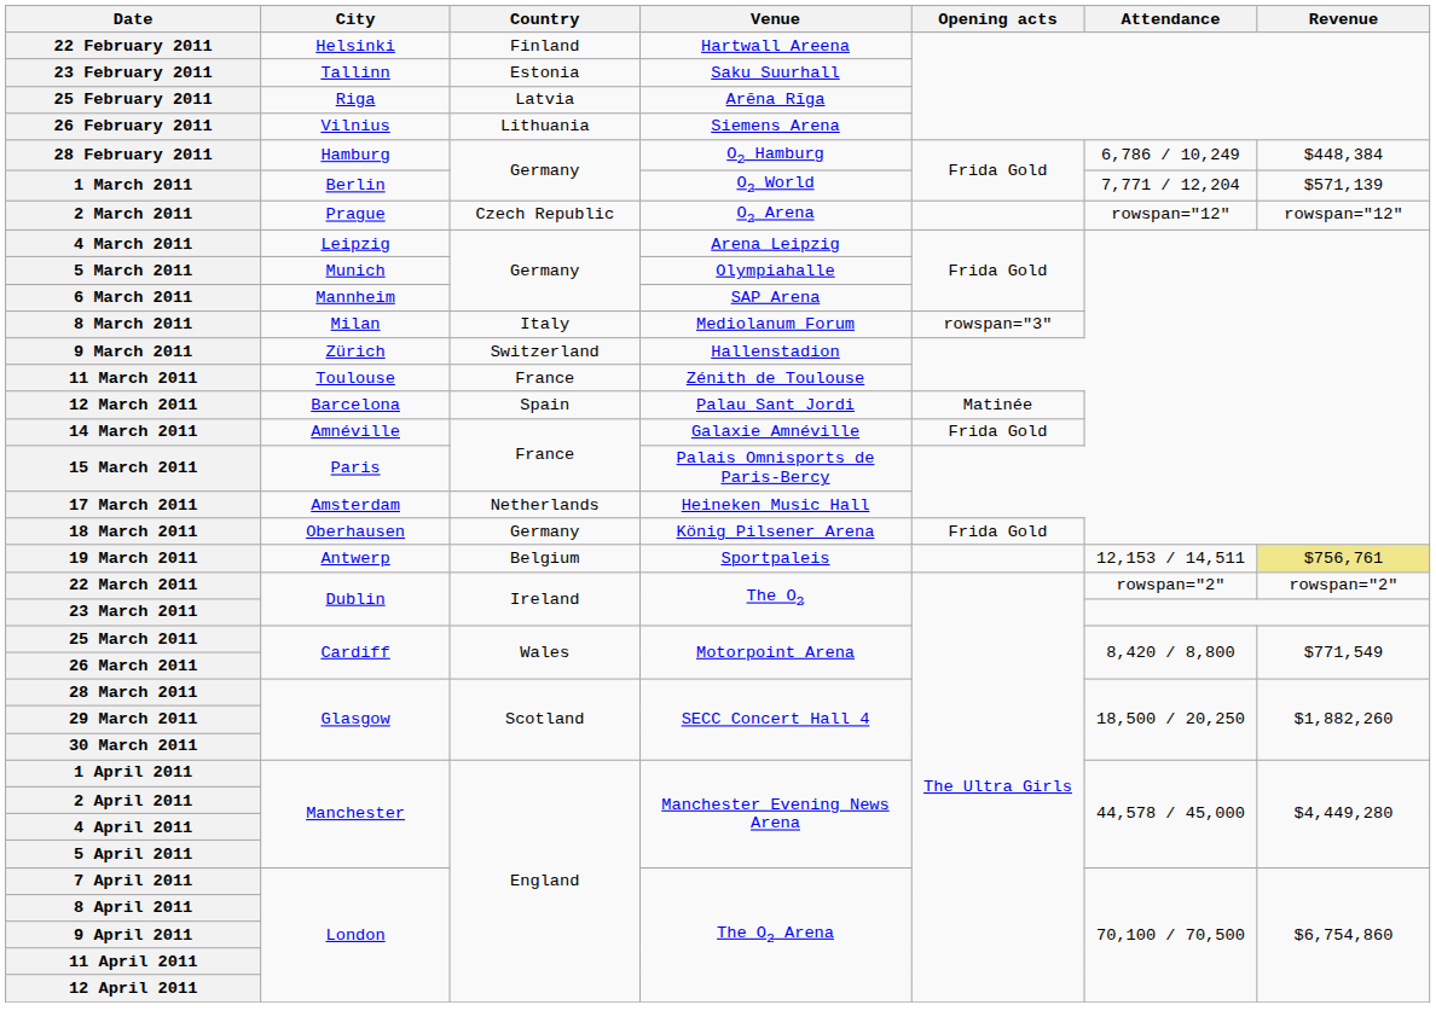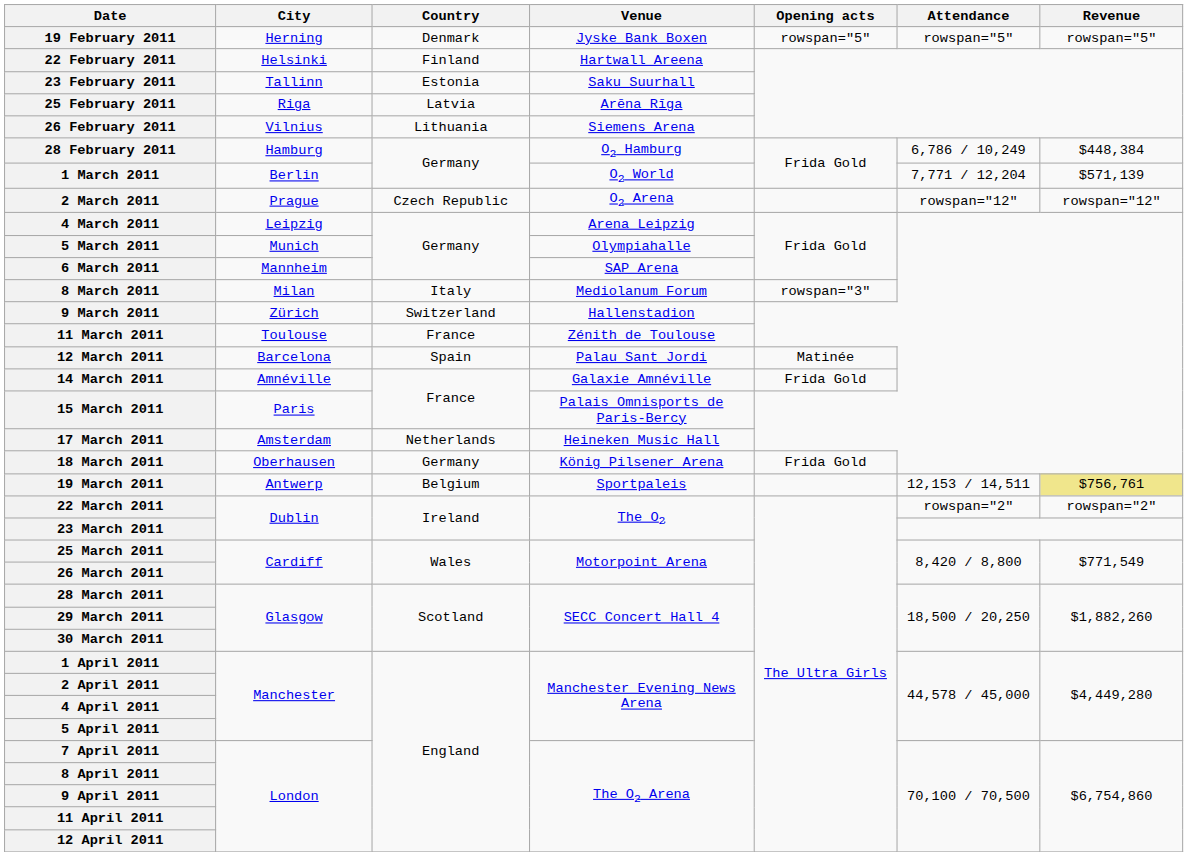 <table class="wikitable plainrowheaders" style="text-align:center;">
 <tr>
 <th scope="col" style="width:15em;">Date</th>
 <th scope="col" style="width:11em;">City</th>
 <th scope="col" style="width:11em;">Country</th>
 <th scope="col" style="width:16em;">Venue</th>
 <th scope="col" style="width:10em;">Opening acts</th>
 <th scope="col" style="width:10em;">Attendance</th>
 <th scope="col" style="width:10em;">Revenue</th>
+</tr>
+<tr>
+<th scope="row">19 February 2011</th>
+<td><a href='#'>Herning</a></td>
+<td>Denmark</td>
+<td><a href='#'>Jyske Bank Boxen</a></td>
+<td>rowspan="5" </td>
+<td>rowspan="5" </td>
+<td>rowspan="5" </td>
 </tr>
 <tr>
 <th scope="row">22 February 2011</th>
 <td><a href='#'>Helsinki</a></td>
 <td>Finland</td>
 <td><a href='#'>Hartwall Areena</a></td>
 </tr>
 <tr>
 <th scope="row">23 February 2011</th>
 <td><a href='#'>Tallinn</a></td>
 <td>Estonia</td>
 <td><a href='#'>Saku Suurhall</a></td>
 </tr>
 <tr>
 <th scope="row">25 February 2011</th>
 <td><a href='#'>Riga</a></td>
 <td>Latvia</td>
 <td><a href='#'>Arēna Rīga</a></td>
 </tr>
 <tr>
 <th scope="row">26 February 2011</th>
 <td><a href='#'>Vilnius</a></td>
 <td>Lithuania</td>
 <td><a href='#'>Siemens Arena</a></td>
 </tr>
 <tr>
 <th scope="row">28 February 2011</th>
 <td><a href='#'>Hamburg</a></td>
 <td rowspan="2">Germany</td>
 <td><a href='#'>O<sub>2</sub> Hamburg</a></td>
 <td rowspan="2">Frida Gold</td>
 <td>6,786 / 10,249</td>
 <td>$448,384</td>
 </tr>
 <tr>
 <th scope="row">1 March 2011</th>
 <td><a href='#'>Berlin</a></td>
 <td><a href='#'>O<sub>2</sub> World</a></td>
 <td>7,771 / 12,204</td>
 <td>$571,139</td>
 </tr>
 <tr>
 <th scope="row">2 March 2011</th>
 <td><a href='#'>Prague</a></td>
 <td>Czech Republic</td>
 <td><a href='#'>O<sub>2</sub> Arena</a></td>
 <td></td>
 <td>rowspan="12" </td>
 <td>rowspan="12" </td>
 </tr>
 <tr>
 <th scope="row">4 March 2011</th>
 <td><a href='#'>Leipzig</a></td>
 <td rowspan="3">Germany</td>
 <td><a href='#'>Arena Leipzig</a></td>
 <td rowspan="3">Frida Gold</td>
 </tr>
 <tr>
 <th scope="row">5 March 2011</th>
 <td><a href='#'>Munich</a></td>
 <td><a href='#'>Olympiahalle</a></td>
 </tr>
 <tr>
 <th scope="row">6 March 2011</th>
 <td><a href='#'>Mannheim</a></td>
 <td><a href='#'>SAP Arena</a></td>
 </tr>
 <tr>
 <th scope="row">8 March 2011</th>
 <td><a href='#'>Milan</a></td>
 <td>Italy</td>
 <td><a href='#'>Mediolanum Forum</a></td>
 <td>rowspan="3" </td>
 </tr>
 <tr>
 <th scope="row">9 March 2011</th>
 <td><a href='#'>Zürich</a></td>
 <td>Switzerland</td>
 <td><a href='#'>Hallenstadion</a></td>
 </tr>
 <tr>
 <th scope="row">11 March 2011</th>
 <td><a href='#'>Toulouse</a></td>
 <td>France</td>
 <td><a href='#'>Zénith de Toulouse</a></td>
 </tr>
 <tr>
 <th scope="row">12 March 2011</th>
 <td><a href='#'>Barcelona</a></td>
 <td>Spain</td>
 <td><a href='#'>Palau Sant Jordi</a></td>
 <td>Matinée</td>
 </tr>
 <tr>
 <th scope="row">14 March 2011</th>
 <td><a href='#'>Amnéville</a></td>
 <td rowspan="2">France</td>
 <td><a href='#'>Galaxie Amnéville</a></td>
 <td>Frida Gold</td>
 </tr>
 <tr>
 <th scope="row">15 March 2011</th>
 <td><a href='#'>Paris</a></td>
 <td><a href='#'>Palais Omnisports de Paris-Bercy</a></td>
 </tr>
 <tr>
 <th scope="row">17 March 2011</th>
 <td><a href='#'>Amsterdam</a></td>
 <td>Netherlands</td>
 <td><a href='#'>Heineken Music Hall</a></td>
 </tr>
 <tr>
 <th scope="row">18 March 2011</th>
 <td><a href='#'>Oberhausen</a></td>
 <td>Germany</td>
 <td><a href='#'>König Pilsener Arena</a></td>
 <td>Frida Gold</td>
 </tr>
 <tr>
 <th scope="row">19 March 2011</th>
 <td><a href='#'>Antwerp</a></td>
 <td>Belgium</td>
 <td><a href='#'>Sportpaleis</a></td>
 <td></td>
 <td>12,153 / 14,511</td>
 <td style="background: khaki;">$756,761</td>
 </tr>
 <tr>
 <th scope="row">22 March 2011</th>
 <td rowspan="2"><a href='#'>Dublin</a></td>
 <td rowspan="2">Ireland</td>
 <td rowspan="2"><a href='#'>The O<sub>2</sub></a></td>
 <td rowspan="16"><a href='#'>The Ultra Girls</a></td>
 <td>rowspan="2" </td>
 <td>rowspan="2" </td>
 </tr>
 <tr>
 <th scope="row">23 March 2011</th>
 </tr>
 <tr>
 <th scope="row">25 March 2011</th>
 <td rowspan="2"><a href='#'>Cardiff</a></td>
 <td rowspan="2">Wales</td>
 <td rowspan="2"><a href='#'>Motorpoint Arena</a></td>
 <td rowspan="2">8,420 / 8,800</td>
 <td rowspan="2">$771,549</td>
 </tr>
 <tr>
 <th scope="row">26 March 2011</th>
 </tr>
 <tr>
 <th scope="row">28 March 2011</th>
 <td rowspan="3"><a href='#'>Glasgow</a></td>
 <td rowspan="3">Scotland</td>
 <td rowspan="3"><a href='#'>SECC Concert Hall 4</a></td>
 <td rowspan="3">18,500 / 20,250</td>
 <td rowspan="3">$1,882,260</td>
 </tr>
 <tr>
 <th scope="row">29 March 2011</th>
 </tr>
 <tr>
 <th scope="row">30 March 2011</th>
 </tr>
 <tr>
 <th scope="row">1 April 2011</th>
 <td rowspan="4"><a href='#'>Manchester</a></td>
 <td rowspan="9">England</td>
 <td rowspan="4"><a href='#'>Manchester Evening News Arena</a></td>
 <td rowspan="4">44,578 / 45,000</td>
 <td rowspan="4">$4,449,280</td>
 </tr>
 <tr>
 <th scope="row">2 April 2011</th>
 </tr>
 <tr>
 <th scope="row">4 April 2011</th>
 </tr>
 <tr>
 <th scope="row">5 April 2011</th>
 </tr>
 <tr>
 <th scope="row">7 April 2011</th>
 <td rowspan="5"><a href='#'>London</a></td>
 <td rowspan="5"><a href='#'>The O<sub>2</sub> Arena</a></td>
 <td rowspan="5">70,100 / 70,500</td>
 <td rowspan="5">$6,754,860</td>
 </tr>
 <tr>
 <th scope="row">8 April 2011</th>
 </tr>
 <tr>
 <th scope="row">9 April 2011</th>
 </tr>
 <tr>
 <th scope="row">11 April 2011</th>
 </tr>
 <tr>
 <th scope="row">12 April 2011</th>
 </tr>
 </table>
